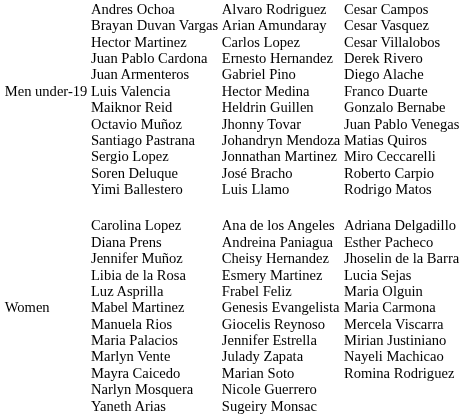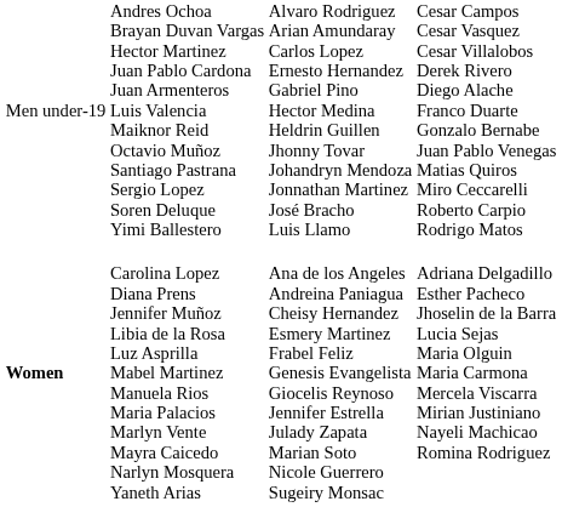 <table>
 <tr>
 <td>Men under-19</td>
 <td nowrap><br>Andres Ochoa<br>Brayan Duvan Vargas<br>Hector Martinez<br>Juan Pablo Cardona<br>Juan Armenteros<br>Luis Valencia<br>Maiknor Reid<br>Octavio Muñoz<br>Santiago Pastrana<br>Sergio Lopez<br>Soren Deluque<br>Yimi Ballestero</td>
 <td><br>Alvaro Rodriguez<br>Arian Amundaray<br>Carlos Lopez<br>Ernesto Hernandez<br>Gabriel Pino<br>Hector Medina<br>Heldrin Guillen<br>Jhonny Tovar<br>Johandryn Mendoza<br>Jonnathan Martinez<br>José Bracho<br>Luis Llamo</td>
 <td nowrap><br>Cesar Campos<br>Cesar Vasquez<br>Cesar Villalobos<br>Derek Rivero<br>Diego Alache<br>Franco Duarte<br>Gonzalo Bernabe<br>Juan Pablo Venegas<br>Matias Quiros<br>Miro Ceccarelli<br>Roberto Carpio<br>Rodrigo Matos</td>
 </tr>
 <tr>
-<td>Women</td>
+<td><strong>Women</strong></td>
 <td><br>Carolina Lopez<br>Diana Prens<br>Jennifer Muñoz<br>Libia de la Rosa<br>Luz Asprilla<br>Mabel Martinez<br>Manuela Rios<br>Maria Palacios<br>Marlyn Vente<br>Mayra Caicedo<br>Narlyn Mosquera<br>Yaneth Arias</td>
 <td nowrap><br>Ana de los Angeles<br>Andreina Paniagua<br>Cheisy Hernandez<br>Esmery Martinez<br>Frabel Feliz<br>Genesis Evangelista<br>Giocelis Reynoso<br>Jennifer Estrella<br>Julady Zapata<br>Marian Soto<br>Nicole Guerrero<br>Sugeiry Monsac</td>
 <td valign=top nowrap><br>Adriana Delgadillo<br>Esther Pacheco<br>Jhoselin de la Barra<br>Lucia Sejas<br>Maria Olguin<br>Maria Carmona<br>Mercela Viscarra<br>Mirian Justiniano<br>Nayeli Machicao<br>Romina Rodriguez</td>
 </tr>
 </table>
